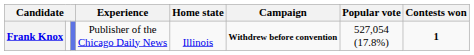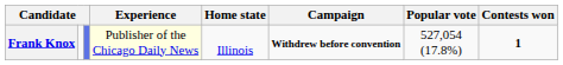 <table class="wikitable sortable" style="text-align:center;">
 <tr>
 <th colspan="3">Candidate</th>
 <th class="unsortable">Experience</th>
 <th>Home state</th>
 <th data-sort-type="date">Campaign</th>
 <th>Popular vote</th>
 <th>Contests won</th>
 </tr>
 <tr>
 <th data-sort-value="Knox" scope="row"><a href='#'>Frank Knox</a></th>
 <td></td>
 <td style="background:#5d73e5;"></td>
-<td>Publisher of the<br><a href='#'>Chicago Daily News</a></td>
+<td style="background: lightyellow;">Publisher of the<br><a href='#'>Chicago Daily News</a></td>
 <td><br><a href='#'>Illinois</a></td>
 <td data-sort-value="03-04-2016"><strong><small>Withdrew before convention</small></strong></td>
 <td>527,054<br>(17.8%)</td>
 <td><strong>1</strong></td>
 </tr>
 </table>
